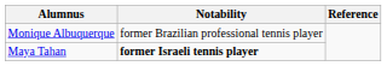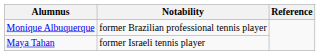 <table class="wikitable">
 <tr>
 <th>Alumnus</th>
 <th>Notability</th>
 <th>Reference</th>
 </tr>
 <tr>
 <td><a href='#'>Monique Albuquerque</a></td>
 <td>former Brazilian professional tennis player</td>
 </tr>
 <tr>
 <td><a href='#'>Maya Tahan</a></td>
-<td><strong>former Israeli tennis player</strong></td>
+<td>former Israeli tennis player</td>
 </tr>
 </table>
